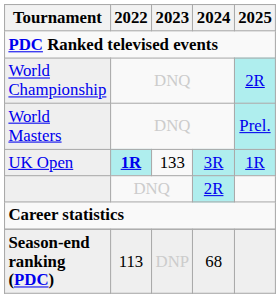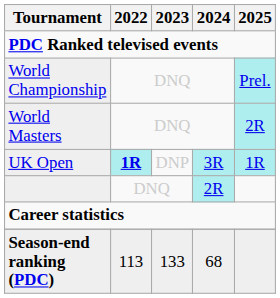 <table class="wikitable" style="width:20%; margin:0">
 <tr>
 <th>Tournament</th>
 <th>2022</th>
 <th>2023</th>
 <th>2024</th>
 <th>2025</th>
 </tr>
 <tr>
 <td colspan="8" style="text-align:left"><strong><a href='#'>PDC</a> Ranked televised events</strong></td>
 </tr>
 <tr>
 <td style="background:#efefef;"><a href='#'>World Championship</a></td>
 <td colspan="3" style="text-align:center; color:#ccc;">DNQ</td>
-<td style="text-align:center; background:#afeeee;"><a href='#'>2R</a></td>
+<td style="text-align:center; background:#afeeee;"><a href='#'>Prel.</a></td>
 </tr>
 <tr>
 <td style="background:#efefef;"><a href='#'>World Masters</a></td>
 <td colspan="3" style="text-align:center; color:#ccc;">DNQ</td>
-<td style="text-align:center; background:#afeeee;"><a href='#'>Prel.</a></td>
+<td style="text-align:center; background:#afeeee;"><a href='#'>2R</a></td>
 </tr>
 <tr>
 <td style="background:#efefef;"><a href='#'>UK Open</a></td>
 <td style="text-align:center; background:#afeeee;"><strong><a href='#'>1R</a></strong></td>
-<td style="text-align:center;">133</td>
+<td style="text-align:center; color:#ccc;">DNP</td>
 <td style="text-align:center; background:#afeeee;"><a href='#'>3R</a></td>
 <td style="text-align:center; background:#afeeee;"><a href='#'>1R</a></td>
 </tr>
 <tr>
 <td style="background:#efefef;"></td>
 <td colspan="2" style="text-align:center; color:#ccc;">DNQ</td>
 <td style="text-align:center; background:#afeeee;"><a href='#'>2R</a></td>
 <td></td>
 </tr>
 <tr>
 <td colspan="8" style="text-align:left"><strong>Career statistics</strong></td>
 </tr>
 <tr>
 </tr>
 <tr style="background:#efefef">
 <td style="text-align:left"><strong>Season-end ranking (<a href='#'>PDC</a>)</strong></td>
 <td style="text-align:center;">113</td>
-<td style="text-align:center; color:#ccc;">DNP</td>
+<td style="text-align:center;">133</td>
 <td style="text-align:center;">68</td>
 <td></td>
 </tr>
 </table>
